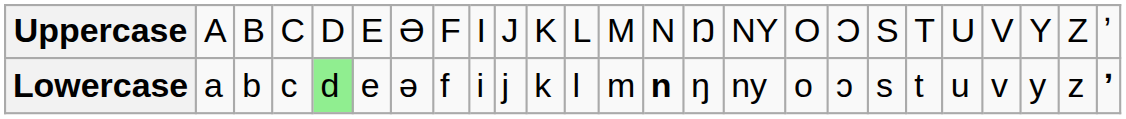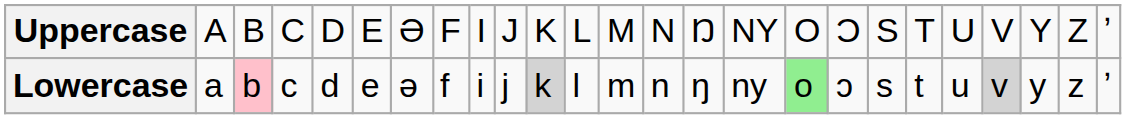 <table class="wikitable">
 <tr>
 <th>Uppercase</th>
 <td>A</td>
 <td>B</td>
 <td>C</td>
 <td>D</td>
 <td>E</td>
 <td>Ə</td>
 <td>F</td>
 <td>I</td>
 <td>J</td>
 <td>K</td>
 <td>L</td>
 <td>M</td>
 <td>N</td>
 <td>Ŋ</td>
 <td>NY</td>
 <td>O</td>
 <td>Ɔ</td>
 <td>S</td>
 <td>T</td>
 <td>U</td>
 <td>V</td>
 <td>Y</td>
 <td>Z</td>
 <td>ʼ</td>
 </tr>
 <tr>
 <th>Lowercase</th>
 <td>a</td>
-<td>b</td>
+<td style="background: pink;">b</td>
 <td>c</td>
-<td style="background: lightgreen;">d</td>
+<td>d</td>
 <td>e</td>
 <td>ə</td>
 <td>f</td>
 <td>i</td>
 <td>j</td>
-<td>k</td>
+<td style="background: lightgrey;">k</td>
 <td>l</td>
 <td>m</td>
-<td><strong>n</strong></td>
+<td>n</td>
 <td>ŋ</td>
 <td>ny</td>
-<td>o</td>
+<td style="background: lightgreen;">o</td>
 <td>ɔ</td>
 <td>s</td>
 <td>t</td>
 <td>u</td>
-<td>v</td>
+<td style="background: lightgrey;">v</td>
 <td>y</td>
 <td>z</td>
-<td><strong>ʼ</strong></td>
+<td>ʼ</td>
 </tr>
 </table>
